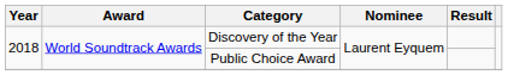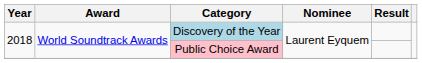 <table class="wikitable plainrowheaders" style="text-align:center;">
 <tr>
 <th>Year</th>
 <th>Award</th>
 <th>Category</th>
 <th>Nominee</th>
 <th>Result</th>
 <th></th>
 </tr>
 <tr>
 <td rowspan="2">2018</td>
 <td rowspan="2"><a href='#'>World Soundtrack Awards</a></td>
-<td>Discovery of the Year</td>
+<td style="background: lightblue;">Discovery of the Year</td>
 <td rowspan="2">Laurent Eyquem</td>
 <td></td>
 <td rowspan="2"></td>
 </tr>
 <tr>
-<td>Public Choice Award</td>
+<td style="background: pink;">Public Choice Award</td>
 <td></td>
 </tr>
 <tr>
 </tr>
 </table>
